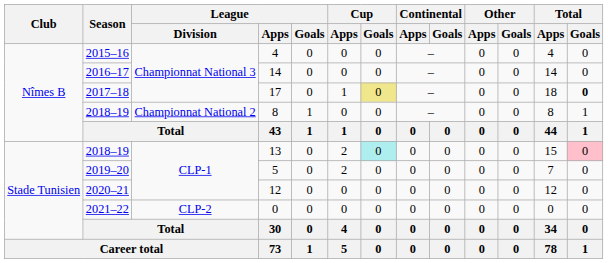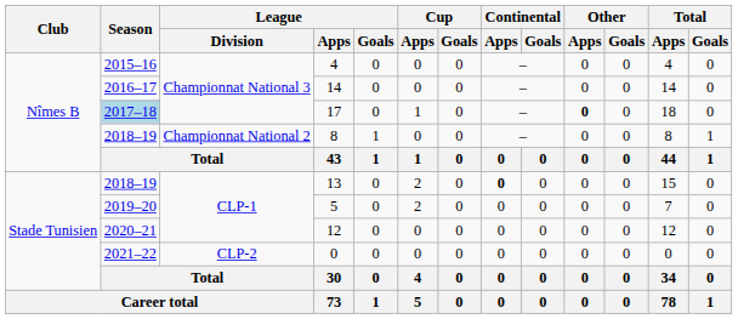 <table class="wikitable" style="text-align: center">
 <tr>
 <th rowspan="2">Club</th>
 <th rowspan="2">Season</th>
 <th colspan="3">League</th>
 <th colspan="2">Cup</th>
 <th colspan="2">Continental</th>
 <th colspan="2">Other</th>
 <th colspan="2">Total</th>
 </tr>
 <tr>
 <th>Division</th>
 <th>Apps</th>
 <th>Goals</th>
 <th>Apps</th>
 <th>Goals</th>
 <th>Apps</th>
 <th>Goals</th>
 <th>Apps</th>
 <th>Goals</th>
 <th>Apps</th>
 <th>Goals</th>
 </tr>
 <tr>
 <td rowspan="5"><a href='#'>Nîmes B</a></td>
 <td><a href='#'>2015–16</a></td>
 <td rowspan="3"><a href='#'>Championnat National 3</a></td>
 <td>4</td>
 <td>0</td>
 <td>0</td>
 <td>0</td>
 <td colspan="2">–</td>
 <td>0</td>
 <td>0</td>
 <td>4</td>
 <td>0</td>
 </tr>
 <tr>
 <td><a href='#'>2016–17</a></td>
 <td>14</td>
 <td>0</td>
 <td>0</td>
 <td>0</td>
 <td colspan="2">–</td>
 <td>0</td>
 <td>0</td>
 <td>14</td>
 <td>0</td>
 </tr>
 <tr>
-<td><a href='#'>2017–18</a></td>
+<td style="background: lightblue;"><a href='#'>2017–18</a></td>
 <td>17</td>
 <td>0</td>
 <td>1</td>
-<td style="background: khaki;">0</td>
+<td>0</td>
 <td colspan="2">–</td>
-<td>0</td>
+<td><strong>0</strong></td>
 <td>0</td>
 <td>18</td>
-<td><strong>0</strong></td>
+<td>0</td>
 </tr>
 <tr>
 <td><a href='#'>2018–19</a></td>
 <td><a href='#'>Championnat National 2</a></td>
 <td>8</td>
 <td>1</td>
 <td>0</td>
 <td>0</td>
 <td colspan="2">–</td>
 <td>0</td>
 <td>0</td>
 <td>8</td>
 <td>1</td>
 </tr>
 <tr>
 <th colspan=2>Total</th>
 <th>43</th>
 <th>1</th>
 <th>1</th>
 <th>0</th>
 <th>0</th>
 <th>0</th>
 <th>0</th>
 <th>0</th>
 <th>44</th>
 <th>1</th>
 </tr>
 <tr>
 <td rowspan="5"><a href='#'>Stade Tunisien</a></td>
 <td><a href='#'>2018–19</a></td>
 <td rowspan="3"><a href='#'>CLP-1</a></td>
 <td>13</td>
 <td>0</td>
 <td>2</td>
-<td style="background: paleturquoise;">0</td>
 <td>0</td>
+<td><strong>0</strong></td>
 <td>0</td>
 <td>0</td>
 <td>0</td>
 <td>15</td>
-<td style="background: pink;">0</td>
+<td>0</td>
 </tr>
 <tr>
 <td><a href='#'>2019–20</a></td>
 <td>5</td>
 <td>0</td>
 <td>2</td>
 <td>0</td>
 <td>0</td>
 <td>0</td>
 <td>0</td>
 <td>0</td>
 <td>7</td>
 <td>0</td>
 </tr>
 <tr>
 <td><a href='#'>2020–21</a></td>
 <td>12</td>
 <td>0</td>
 <td>0</td>
 <td>0</td>
 <td>0</td>
 <td>0</td>
 <td>0</td>
 <td>0</td>
 <td>12</td>
 <td>0</td>
 </tr>
 <tr>
 <td><a href='#'>2021–22</a></td>
 <td><a href='#'>CLP-2</a></td>
 <td>0</td>
 <td>0</td>
 <td>0</td>
 <td>0</td>
 <td>0</td>
 <td>0</td>
 <td>0</td>
 <td>0</td>
 <td>0</td>
 <td>0</td>
 </tr>
 <tr>
 <th colspan=2>Total</th>
 <th>30</th>
 <th>0</th>
 <th>4</th>
 <th>0</th>
 <th>0</th>
 <th>0</th>
 <th>0</th>
 <th>0</th>
 <th>34</th>
 <th>0</th>
 </tr>
 <tr>
 <th colspan=3>Career total</th>
 <th>73</th>
 <th>1</th>
 <th>5</th>
 <th>0</th>
 <th>0</th>
 <th>0</th>
 <th>0</th>
 <th>0</th>
 <th>78</th>
 <th>1</th>
 </tr>
 </table>
